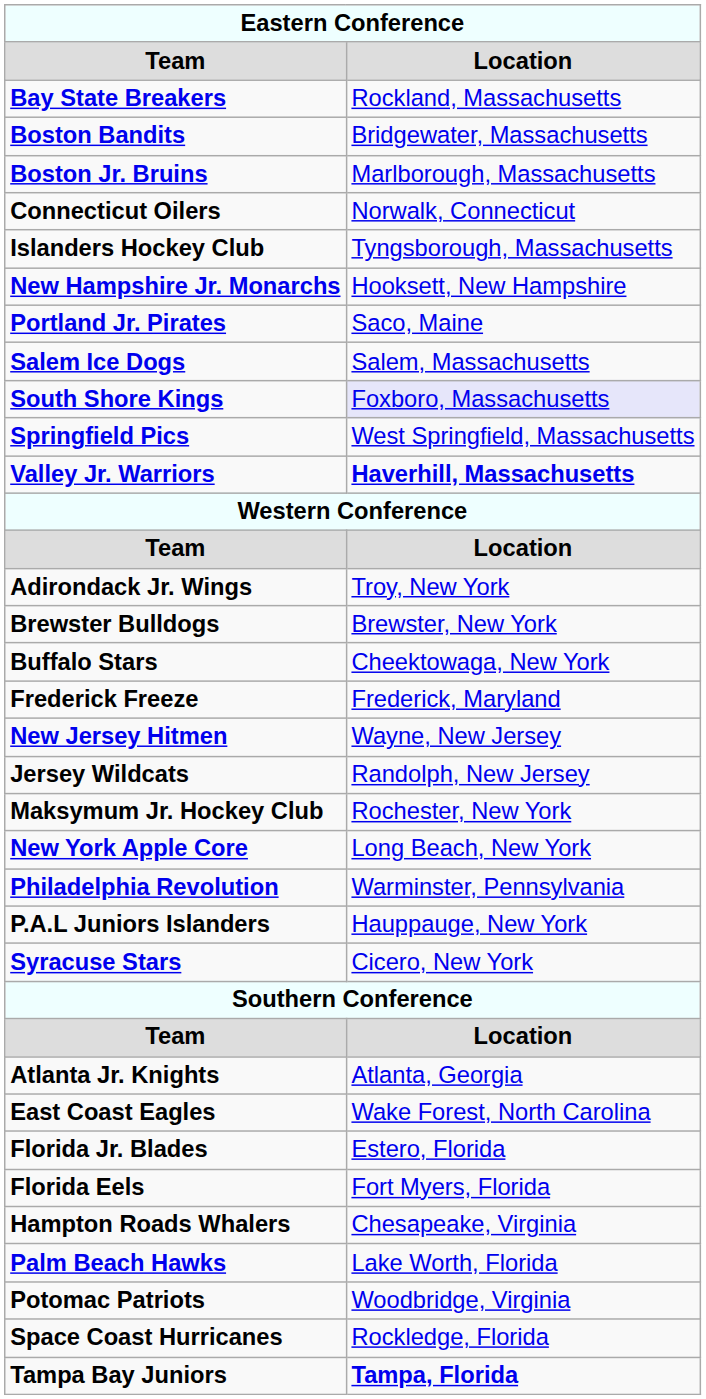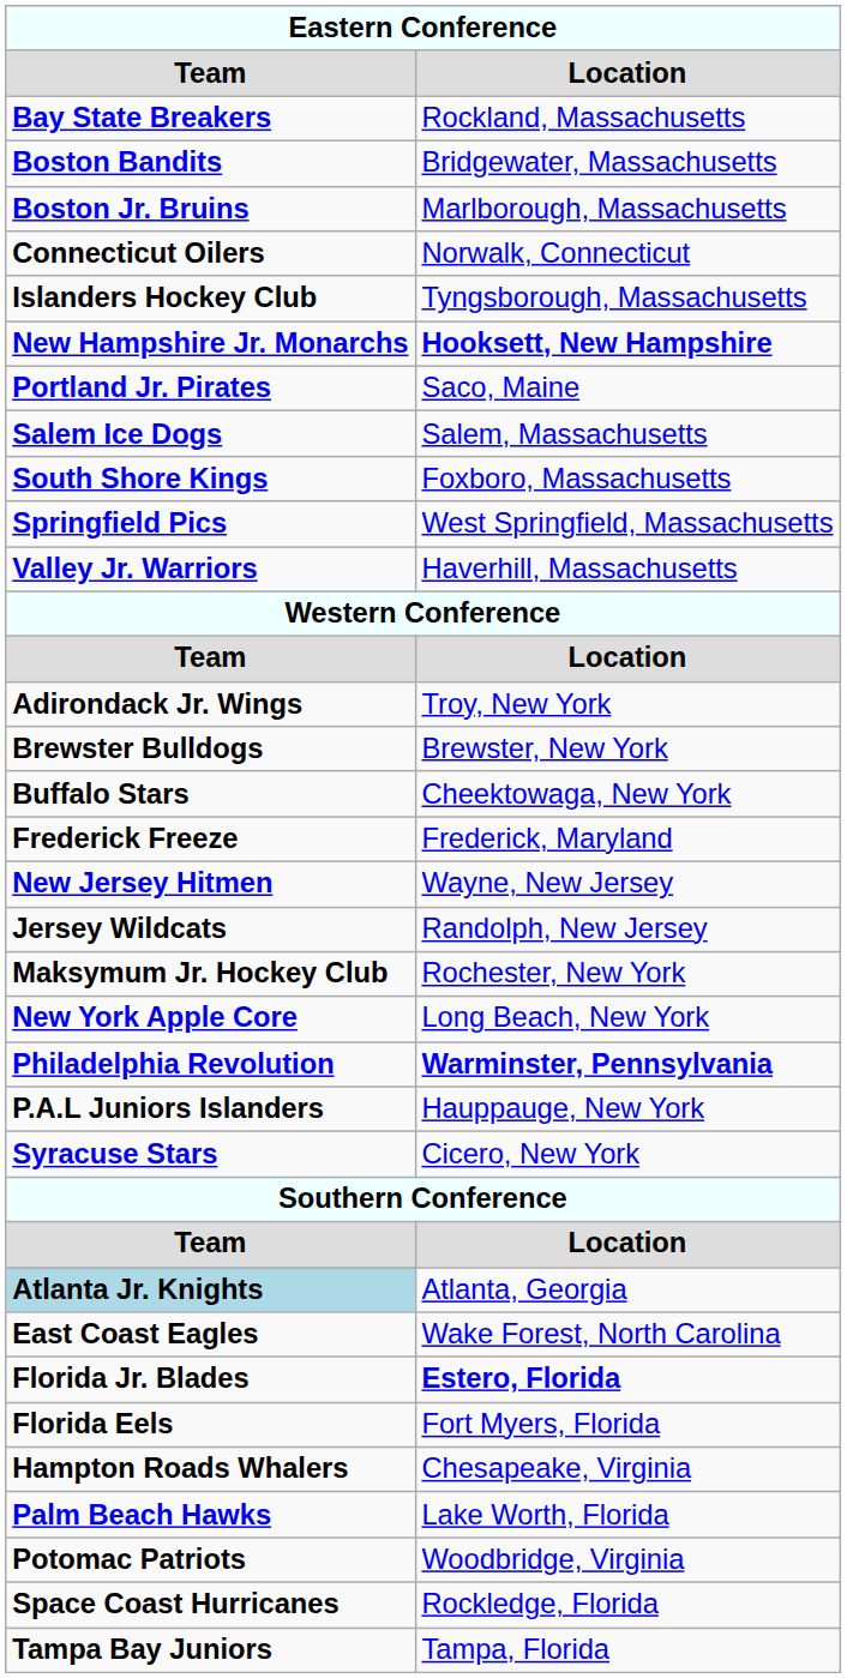 <table class="wikitable">
 <tr align="center"  bgcolor="#eeffff">
 <td colspan="20"><strong>Eastern Conference</strong></td>
 </tr>
 <tr align="center"  bgcolor="#dddddd">
 <td><strong>Team</strong></td>
 <td><strong>Location</strong></td>
 </tr>
 <tr align="left">
 <td><strong><a href='#'>Bay State Breakers</a></strong></td>
 <td><a href='#'>Rockland, Massachusetts</a></td>
 </tr>
 <tr align="left">
 <td><strong><a href='#'>Boston Bandits</a></strong></td>
 <td><a href='#'>Bridgewater, Massachusetts</a></td>
 </tr>
 <tr align="left">
 <td><strong><a href='#'>Boston Jr. Bruins</a></strong></td>
 <td><a href='#'>Marlborough, Massachusetts</a></td>
 </tr>
 <tr align="left">
 <td><strong>Connecticut Oilers</strong></td>
 <td><a href='#'>Norwalk, Connecticut</a></td>
 </tr>
 <tr align="left">
 <td><strong>Islanders Hockey Club</strong></td>
 <td><a href='#'>Tyngsborough, Massachusetts</a></td>
 </tr>
 <tr align="left">
 <td><strong><a href='#'>New Hampshire Jr. Monarchs</a></strong></td>
-<td><a href='#'>Hooksett, New Hampshire</a></td>
+<td><strong><a href='#'>Hooksett, New Hampshire</a></strong></td>
 </tr>
 <tr align="left">
 <td><strong><a href='#'>Portland Jr. Pirates</a></strong></td>
 <td><a href='#'>Saco, Maine</a></td>
 </tr>
 <tr align="left">
 <td><strong><a href='#'>Salem Ice Dogs</a></strong></td>
 <td><a href='#'>Salem, Massachusetts</a></td>
 </tr>
 <tr align="left">
 <td><strong><a href='#'>South Shore Kings</a></strong></td>
-<td style="background: lavender;"><a href='#'>Foxboro, Massachusetts</a></td>
+<td><a href='#'>Foxboro, Massachusetts</a></td>
 </tr>
 <tr align="left">
 <td><strong><a href='#'>Springfield Pics</a></strong></td>
 <td><a href='#'>West Springfield, Massachusetts</a></td>
 </tr>
 <tr align="left">
 <td><strong><a href='#'>Valley Jr. Warriors</a></strong></td>
-<td><strong><a href='#'>Haverhill, Massachusetts</a></strong></td>
+<td><a href='#'>Haverhill, Massachusetts</a></td>
 </tr>
 <tr align="center"  bgcolor="#eeffff">
 <td colspan="20"><strong>Western Conference</strong></td>
 </tr>
 <tr align="center"  bgcolor="#dddddd">
 <td><strong>Team</strong></td>
 <td><strong>Location</strong></td>
 </tr>
 <tr align="left">
 <td><strong>Adirondack Jr. Wings</strong></td>
 <td><a href='#'>Troy, New York</a></td>
 </tr>
 <tr align="left">
 <td><strong>Brewster Bulldogs</strong></td>
 <td><a href='#'>Brewster, New York</a></td>
 </tr>
 <tr align="left">
 <td><strong>Buffalo Stars</strong></td>
 <td><a href='#'>Cheektowaga, New York</a></td>
 </tr>
 <tr align="left">
 <td><strong>Frederick Freeze</strong></td>
 <td><a href='#'>Frederick, Maryland</a></td>
 </tr>
 <tr align="left">
 <td><strong><a href='#'>New Jersey Hitmen</a></strong></td>
 <td><a href='#'>Wayne, New Jersey</a></td>
 </tr>
 <tr align="left">
 <td><strong>Jersey Wildcats</strong></td>
 <td><a href='#'>Randolph, New Jersey</a></td>
 </tr>
 <tr align="left">
 <td><strong>Maksymum Jr. Hockey Club</strong></td>
 <td><a href='#'>Rochester, New York</a></td>
 </tr>
 <tr align="left">
 <td><strong><a href='#'>New York Apple Core</a></strong></td>
 <td><a href='#'>Long Beach, New York</a></td>
 </tr>
 <tr align="left">
 <td><strong><a href='#'>Philadelphia Revolution</a></strong></td>
-<td><a href='#'>Warminster, Pennsylvania</a></td>
+<td><strong><a href='#'>Warminster, Pennsylvania</a></strong></td>
 </tr>
 <tr align="left">
 <td><strong>P.A.L Juniors Islanders</strong></td>
 <td><a href='#'>Hauppauge, New York</a></td>
 </tr>
 <tr align="left">
 <td><strong><a href='#'>Syracuse Stars</a></strong></td>
 <td><a href='#'>Cicero, New York</a></td>
 </tr>
 <tr align="center"  bgcolor="#eeffff">
 <td colspan="20"><strong>Southern Conference</strong></td>
 </tr>
 <tr align="center"  bgcolor="#dddddd">
 <td><strong>Team</strong></td>
 <td><strong>Location</strong></td>
 </tr>
 <tr align="left">
-<td><strong>Atlanta Jr. Knights</strong></td>
+<td style="background: lightblue;"><strong>Atlanta Jr. Knights</strong></td>
 <td><a href='#'>Atlanta, Georgia</a></td>
 </tr>
 <tr align="left">
 <td><strong>East Coast Eagles</strong></td>
 <td><a href='#'>Wake Forest, North Carolina</a></td>
 </tr>
 <tr align="left">
 <td><strong>Florida Jr. Blades</strong></td>
-<td><a href='#'>Estero, Florida</a></td>
+<td><strong><a href='#'>Estero, Florida</a></strong></td>
 </tr>
 <tr align="left">
 <td><strong>Florida Eels</strong></td>
 <td><a href='#'>Fort Myers, Florida</a></td>
 </tr>
 <tr align="left">
 <td><strong>Hampton Roads Whalers</strong></td>
 <td><a href='#'>Chesapeake, Virginia</a></td>
 </tr>
 <tr align="left">
 <td><strong><a href='#'>Palm Beach Hawks</a></strong></td>
 <td><a href='#'>Lake Worth, Florida</a></td>
 </tr>
 <tr align="left">
 <td><strong>Potomac Patriots</strong></td>
 <td><a href='#'>Woodbridge, Virginia</a></td>
 </tr>
 <tr align="left">
 <td><strong>Space Coast Hurricanes</strong></td>
 <td><a href='#'>Rockledge, Florida</a></td>
 </tr>
 <tr align="left">
 <td><strong>Tampa Bay Juniors</strong></td>
-<td><strong><a href='#'>Tampa, Florida</a></strong></td>
+<td><a href='#'>Tampa, Florida</a></td>
 </tr>
 </table>
